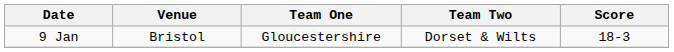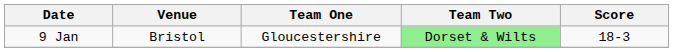 <table class="wikitable" style="text-align: center">
 <tr>
 <th width=100>Date</th>
 <th width=120>Venue</th>
 <th width=150>Team One</th>
 <th width=150>Team Two</th>
 <th width=100>Score</th>
 </tr>
 <tr>
 <td>9 Jan</td>
 <td>Bristol</td>
 <td>Gloucestershire</td>
-<td>Dorset & Wilts</td>
+<td style="background: lightgreen;">Dorset & Wilts</td>
 <td>18-3</td>
 </tr>
 <tr>
 </tr>
 </table>
